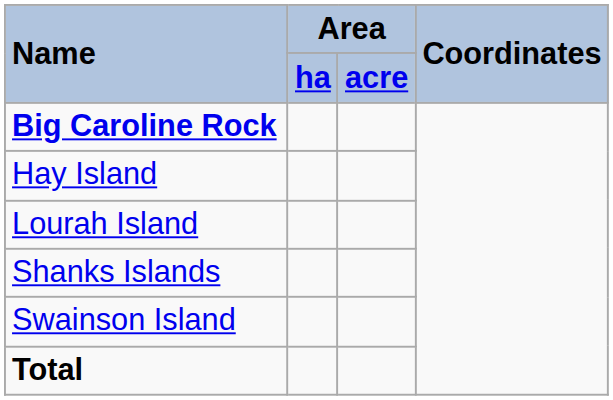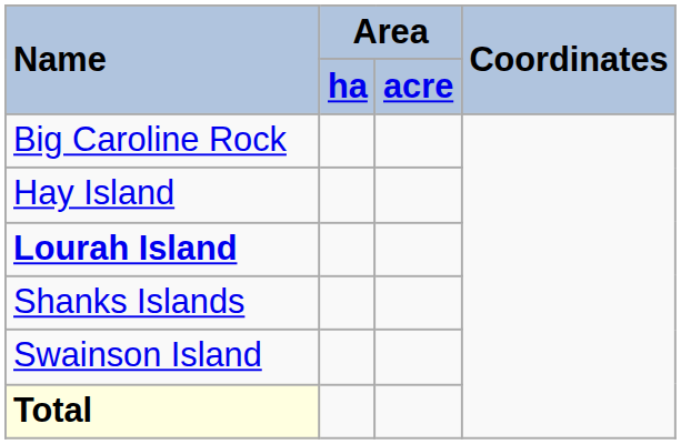 <table class="wikitable">
 <tr>
 <th width="140" style="text-align:left;background-color:#B0C4DE;" rowspan=2>Name</th>
 <th style="background-color:#B0C4DE;" colspan=2>Area</th>
 <th style="text-align:left;background-color:#B0C4DE;" rowspan=2>Coordinates</th>
 </tr>
 <tr>
 <th style="background-color:#B0C4DE;"><a href='#'>ha</a></th>
 <th style="background-color:#B0C4DE;"><a href='#'>acre</a></th>
 </tr>
 <tr>
-<td><strong><a href='#'>Big Caroline Rock</a></strong></td>
+<td><a href='#'>Big Caroline Rock</a></td>
 <td></td>
 <td></td>
 </tr>
 <tr>
 <td><a href='#'>Hay Island</a></td>
 <td></td>
 <td></td>
 </tr>
 <tr>
-<td><a href='#'>Lourah Island</a></td>
+<td><strong><a href='#'>Lourah Island</a></strong></td>
 <td></td>
 <td></td>
 </tr>
 <tr>
 <td><a href='#'>Shanks Islands</a></td>
 <td></td>
 <td></td>
 </tr>
 <tr>
 <td><a href='#'>Swainson Island</a></td>
 <td></td>
 <td></td>
 </tr>
 <tr>
-<td><strong>Total</strong></td>
+<td style="background: lightyellow;"><strong>Total</strong></td>
 <td></td>
 <td></td>
 </tr>
 </table>
